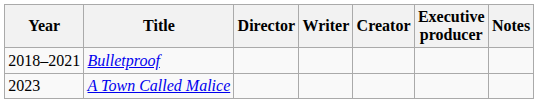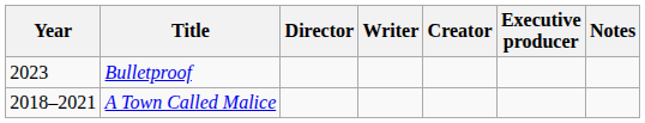 <table class="wikitable">
 <tr>
 <th>Year</th>
 <th>Title</th>
 <th>Director</th>
 <th>Writer</th>
 <th>Creator</th>
 <th>Executive<br>producer</th>
 <th>Notes</th>
 </tr>
 <tr>
-<td>2018–2021</td>
+<td>2023</td>
 <td><em><a href='#'>Bulletproof</a></em></td>
 <td></td>
 <td></td>
 <td></td>
 <td></td>
 <td></td>
 </tr>
 <tr>
-<td>2023</td>
+<td>2018–2021</td>
 <td><em><a href='#'>A Town Called Malice</a></em></td>
 <td></td>
 <td></td>
 <td></td>
 <td></td>
 <td></td>
 </tr>
 <tr>
 </tr>
 </table>
